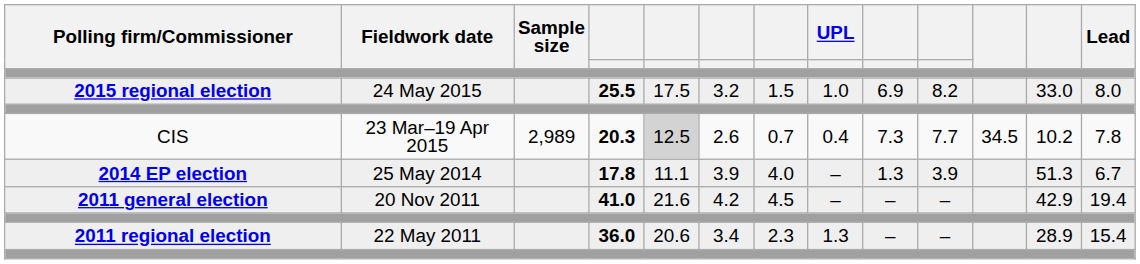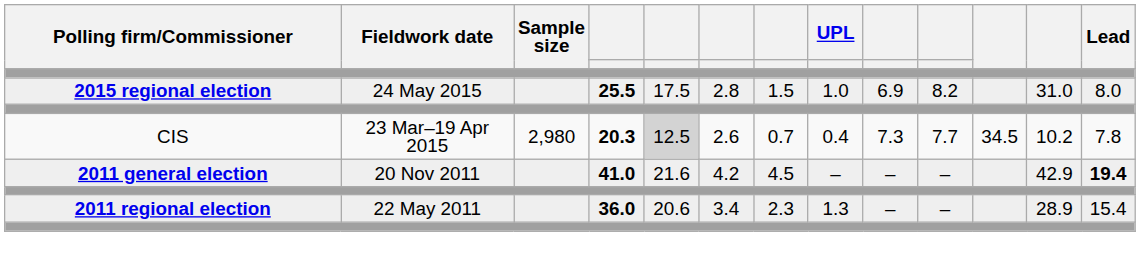 <table class="wikitable collapsible collapsed" style="text-align:center; font-size:90%; line-height:14px;">
 <tr style="height:42px;">
 <th style="width:250px;" rowspan="2">Polling firm/Commissioner</th>
 <th style="width:125px;" rowspan="2">Fieldwork date</th>
 <th style="width:50px;" rowspan="2">Sample size</th>
 <th style="width:35px;"></th>
 <th style="width:35px;"></th>
 <th style="width:35px;"></th>
 <th style="width:35px;"></th>
 <th style="width:35px;"><a href='#'>UPL</a></th>
 <th style="width:35px;"></th>
 <th style="width:35px;"></th>
 <th style="width:35px;" rowspan="2"></th>
 <th style="width:35px;" rowspan="2"></th>
 <th style="width:30px;" rowspan="2">Lead</th>
 </tr>
 <tr>
 <th style="color:inherit;background:"></th>
 <th style="color:inherit;background:"></th>
 <th style="color:inherit;background:"></th>
 <th style="color:inherit;background:"></th>
 <th style="color:inherit;background:"></th>
 <th style="color:inherit;background:"></th>
 <th style="color:inherit;background:"></th>
 </tr>
 <tr>
 <td colspan="13" style="background:#A0A0A0"></td>
 </tr>
 <tr style="background:#EFEFEF;">
 <td><strong><a href='#'>2015 regional election</a></strong></td>
 <td>24 May 2015</td>
 <td></td>
 <td><strong>25.5</strong></td>
 <td>17.5</td>
-<td>3.2</td>
+<td>2.8</td>
 <td>1.5</td>
 <td>1.0</td>
 <td>6.9</td>
 <td>8.2</td>
 <td></td>
-<td>33.0</td>
+<td>31.0</td>
 <td style="background:">8.0</td>
 </tr>
 <tr>
 <td colspan="13" style="background:#A0A0A0"></td>
 </tr>
 <tr>
 <td>CIS</td>
 <td>23 Mar–19 Apr 2015</td>
-<td>2,989</td>
+<td>2,980</td>
 <td><strong>20.3</strong></td>
 <td style="background: lightgrey;">12.5</td>
 <td>2.6</td>
 <td>0.7</td>
 <td>0.4</td>
 <td>7.3</td>
 <td>7.7</td>
 <td>34.5</td>
 <td>10.2</td>
 <td style="background:">7.8</td>
-</tr>
-<tr style="background:#EFEFEF;">
-<td><strong><a href='#'>2014 EP election</a></strong></td>
-<td>25 May 2014</td>
-<td></td>
-<td><strong>17.8</strong></td>
-<td>11.1</td>
-<td>3.9</td>
-<td>4.0</td>
-<td>–</td>
-<td>1.3</td>
-<td>3.9</td>
-<td></td>
-<td>51.3</td>
-<td style="background:">6.7</td>
 </tr>
 <tr style="background:#EFEFEF;">
 <td><strong><a href='#'>2011 general election</a></strong></td>
 <td>20 Nov 2011</td>
 <td></td>
 <td><strong>41.0</strong></td>
 <td>21.6</td>
 <td>4.2</td>
 <td>4.5</td>
 <td>–</td>
 <td>–</td>
 <td>–</td>
 <td></td>
 <td>42.9</td>
-<td style="background:">19.4</td>
+<td style="background:"><strong>19.4</strong></td>
 </tr>
 <tr>
 <td colspan="13" style="background:#A0A0A0"></td>
 </tr>
 <tr style="background:#EFEFEF;">
 <td><strong><a href='#'>2011 regional election</a></strong></td>
 <td>22 May 2011</td>
 <td></td>
 <td><strong>36.0</strong></td>
 <td>20.6</td>
 <td>3.4</td>
 <td>2.3</td>
 <td>1.3</td>
 <td>–</td>
 <td>–</td>
 <td></td>
 <td>28.9</td>
 <td style="background:">15.4</td>
 </tr>
 <tr>
 <td colspan="13" style="background:#A0A0A0"></td>
 </tr>
 </table>
